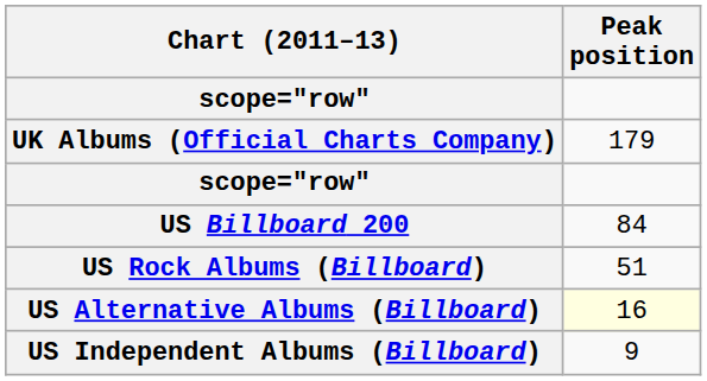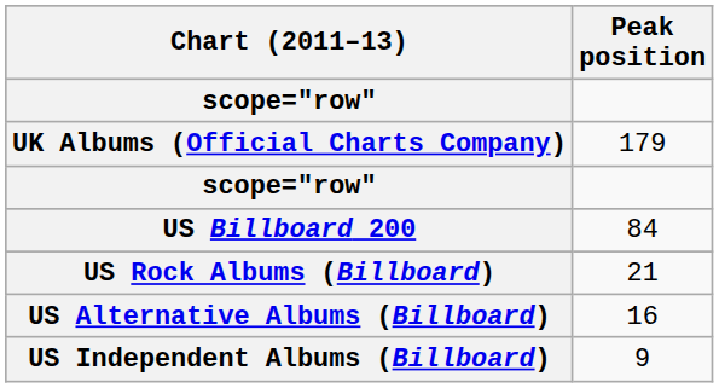 <table class="wikitable sortable plainrowheaders">
 <tr>
 <th>Chart (2011–13)</th>
 <th>Peak<br>position</th>
 </tr>
 <tr>
 <th>scope="row" </th>
 </tr>
 <tr>
 <th scope="row">UK Albums (<a href='#'>Official Charts Company</a>)</th>
 <td style="text-align:center;">179</td>
 </tr>
 <tr>
 <th>scope="row" </th>
 </tr>
 <tr>
 <th scope="row">US <a href='#'><em>Billboard</em> 200</a></th>
 <td style="text-align:center;">84</td>
 </tr>
 <tr>
 <th scope="row">US <a href='#'>Rock Albums</a> (<em><a href='#'>Billboard</a></em>)</th>
-<td style="text-align:center;">51</td>
+<td style="text-align:center;">21</td>
 </tr>
 <tr>
 <th scope="row">US <a href='#'>Alternative Albums</a> (<em><a href='#'>Billboard</a></em>)</th>
-<td style="background: lightyellow; text-align:center;">16</td>
+<td style="text-align:center;">16</td>
 </tr>
 <tr>
 <th scope="row">US Independent Albums (<em><a href='#'>Billboard</a></em>)</th>
 <td style="text-align:center;">9</td>
 </tr>
 </table>
